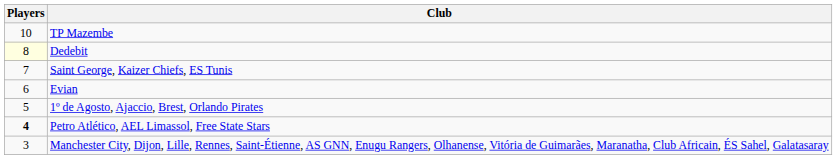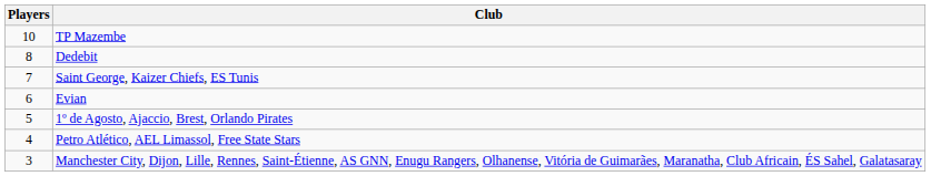 <table class="wikitable">
 <tr>
 <th>Players</th>
 <th>Club</th>
 </tr>
 <tr>
 <td align="center">10</td>
 <td> <a href='#'>TP Mazembe</a></td>
 </tr>
 <tr>
-<td align="center" style="background: lightyellow;">8</td>
+<td align="center">8</td>
 <td> <a href='#'>Dedebit</a></td>
 </tr>
 <tr>
 <td align="center">7</td>
 <td> <a href='#'>Saint George</a>,  <a href='#'>Kaizer Chiefs</a>,  <a href='#'>ES Tunis</a></td>
 </tr>
 <tr>
 <td align="center">6</td>
 <td> <a href='#'>Evian</a></td>
 </tr>
 <tr>
 <td align="center">5</td>
 <td> <a href='#'>1º de Agosto</a>,  <a href='#'>Ajaccio</a>,  <a href='#'>Brest</a>,  <a href='#'>Orlando Pirates</a></td>
 </tr>
 <tr>
-<td align="center"><strong>4</strong></td>
+<td align="center">4</td>
 <td> <a href='#'>Petro Atlético</a>,  <a href='#'>AEL Limassol</a>,  <a href='#'>Free State Stars</a></td>
 </tr>
 <tr>
 <td align="center">3</td>
 <td> <a href='#'>Manchester City</a>,  <a href='#'>Dijon</a>,  <a href='#'>Lille</a>,  <a href='#'>Rennes</a>,  <a href='#'>Saint-Étienne</a>,  <a href='#'>AS GNN</a>,  <a href='#'>Enugu Rangers</a>,  <a href='#'>Olhanense</a>,  <a href='#'>Vitória de Guimarães</a>,  <a href='#'>Maranatha</a>,  <a href='#'>Club Africain</a>,  <a href='#'>ÉS Sahel</a>,  <a href='#'>Galatasaray</a></td>
 </tr>
 </table>
